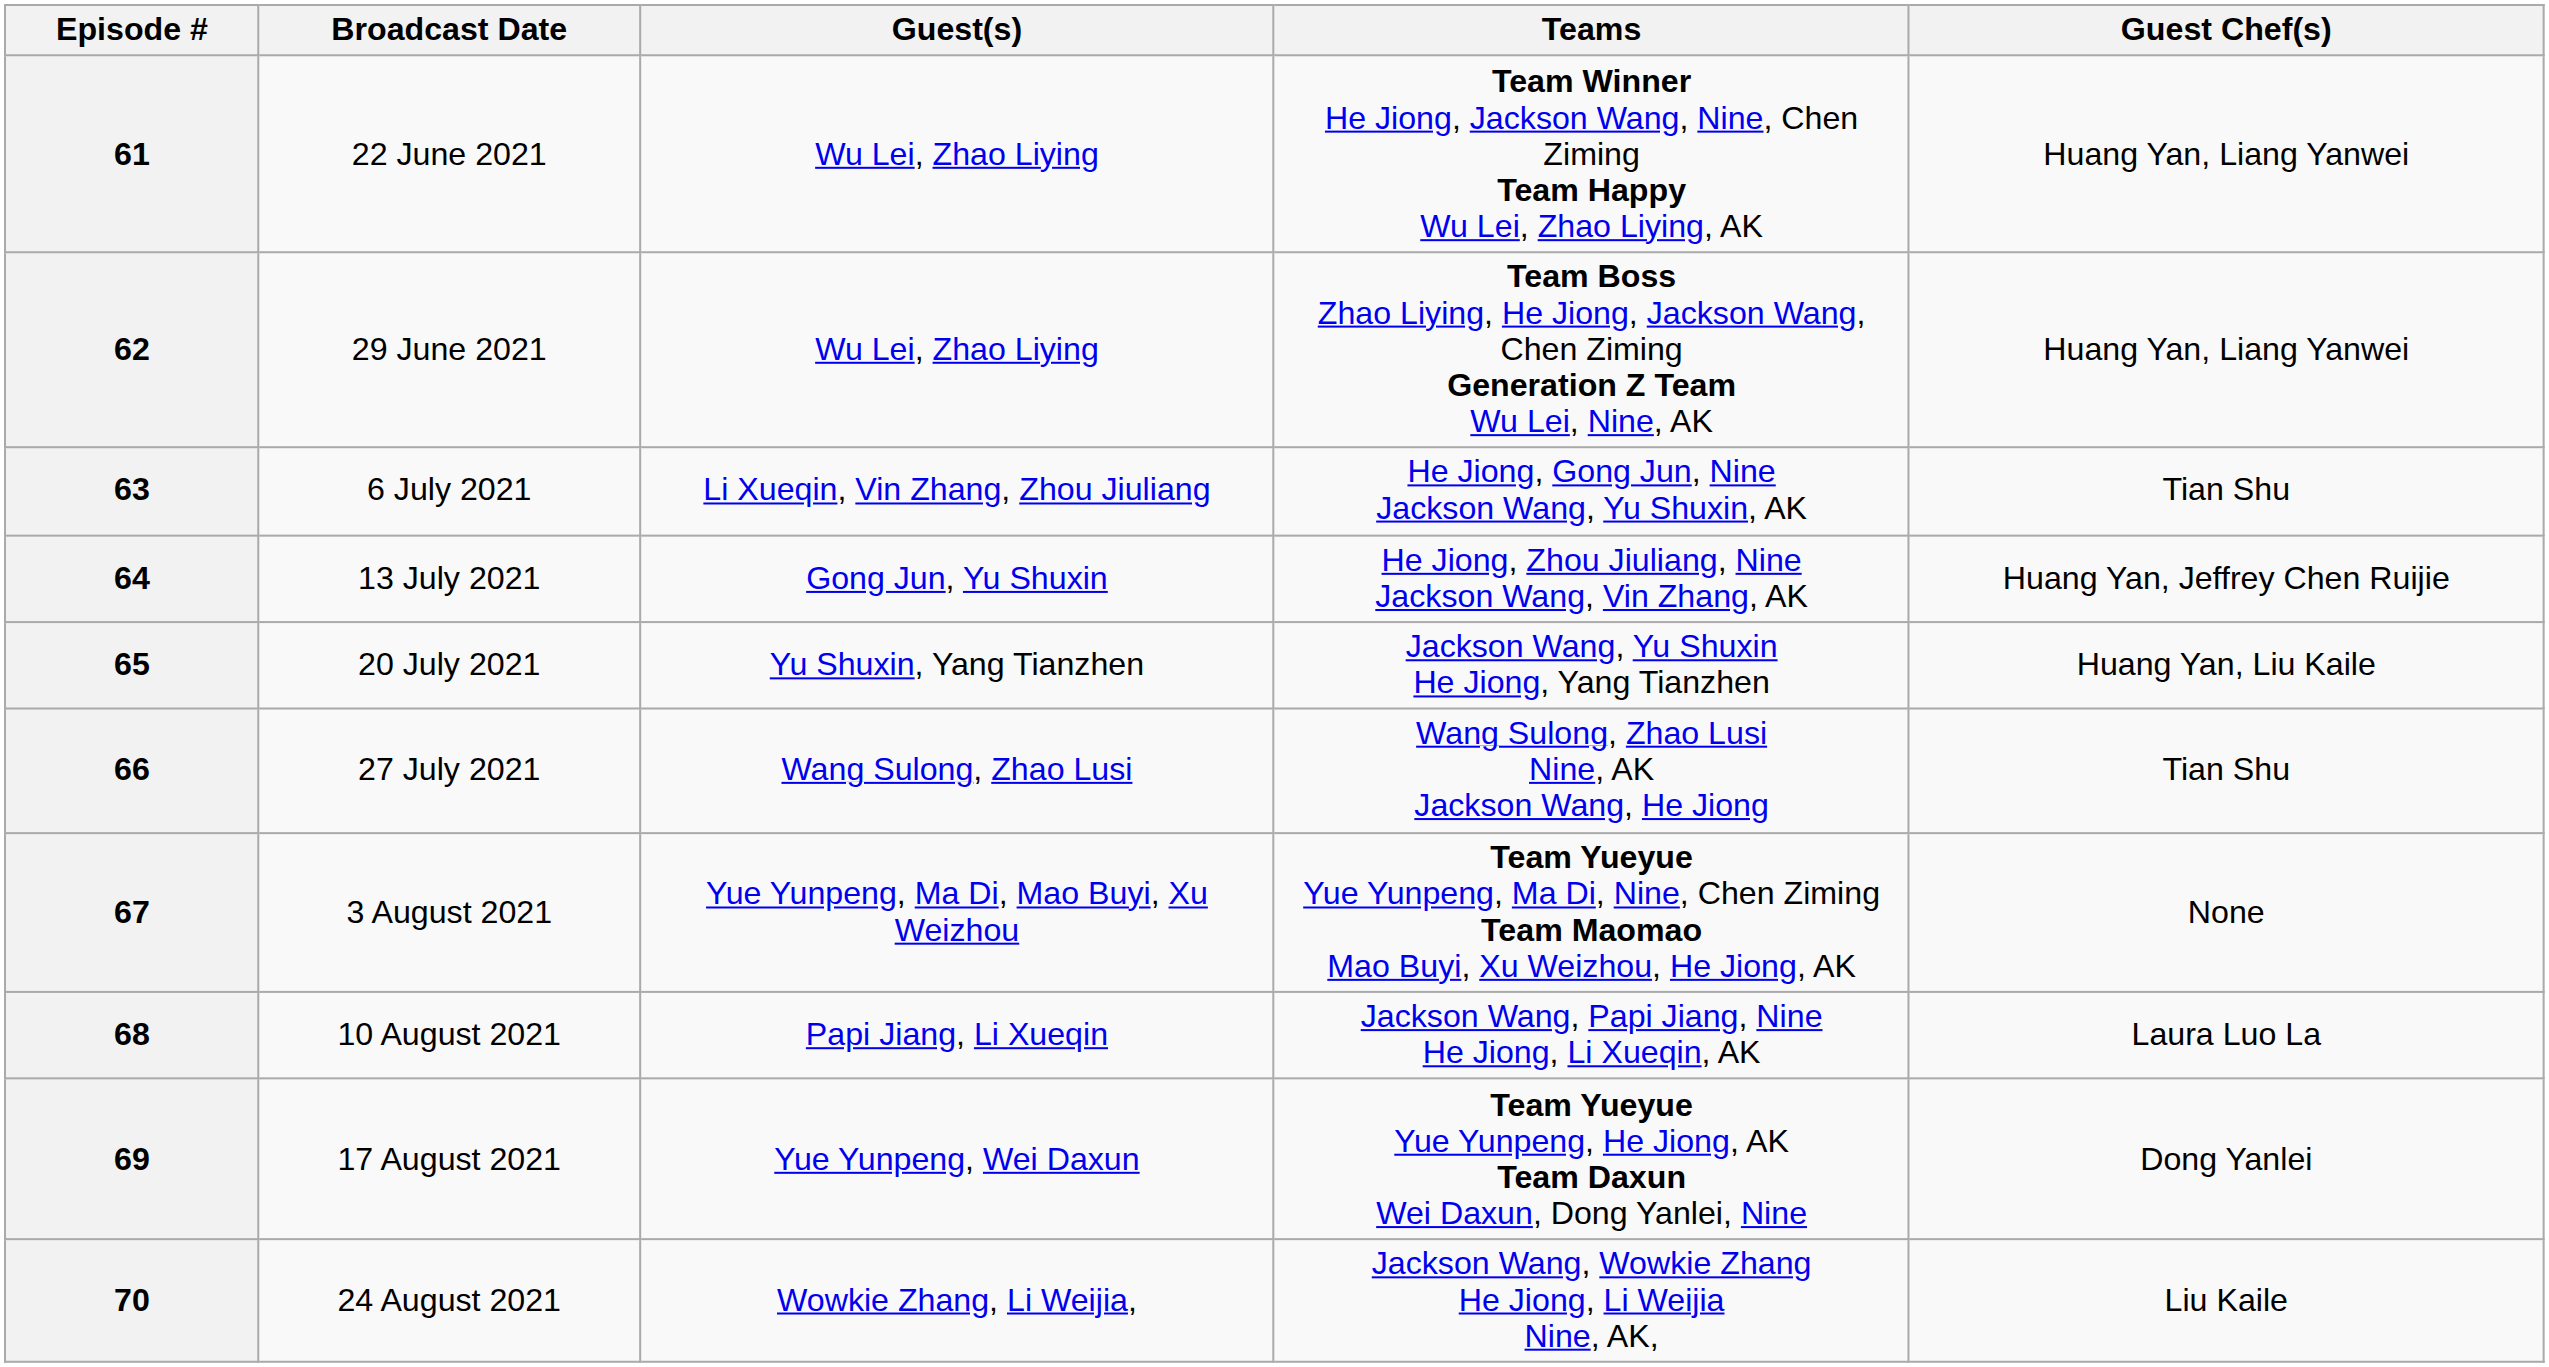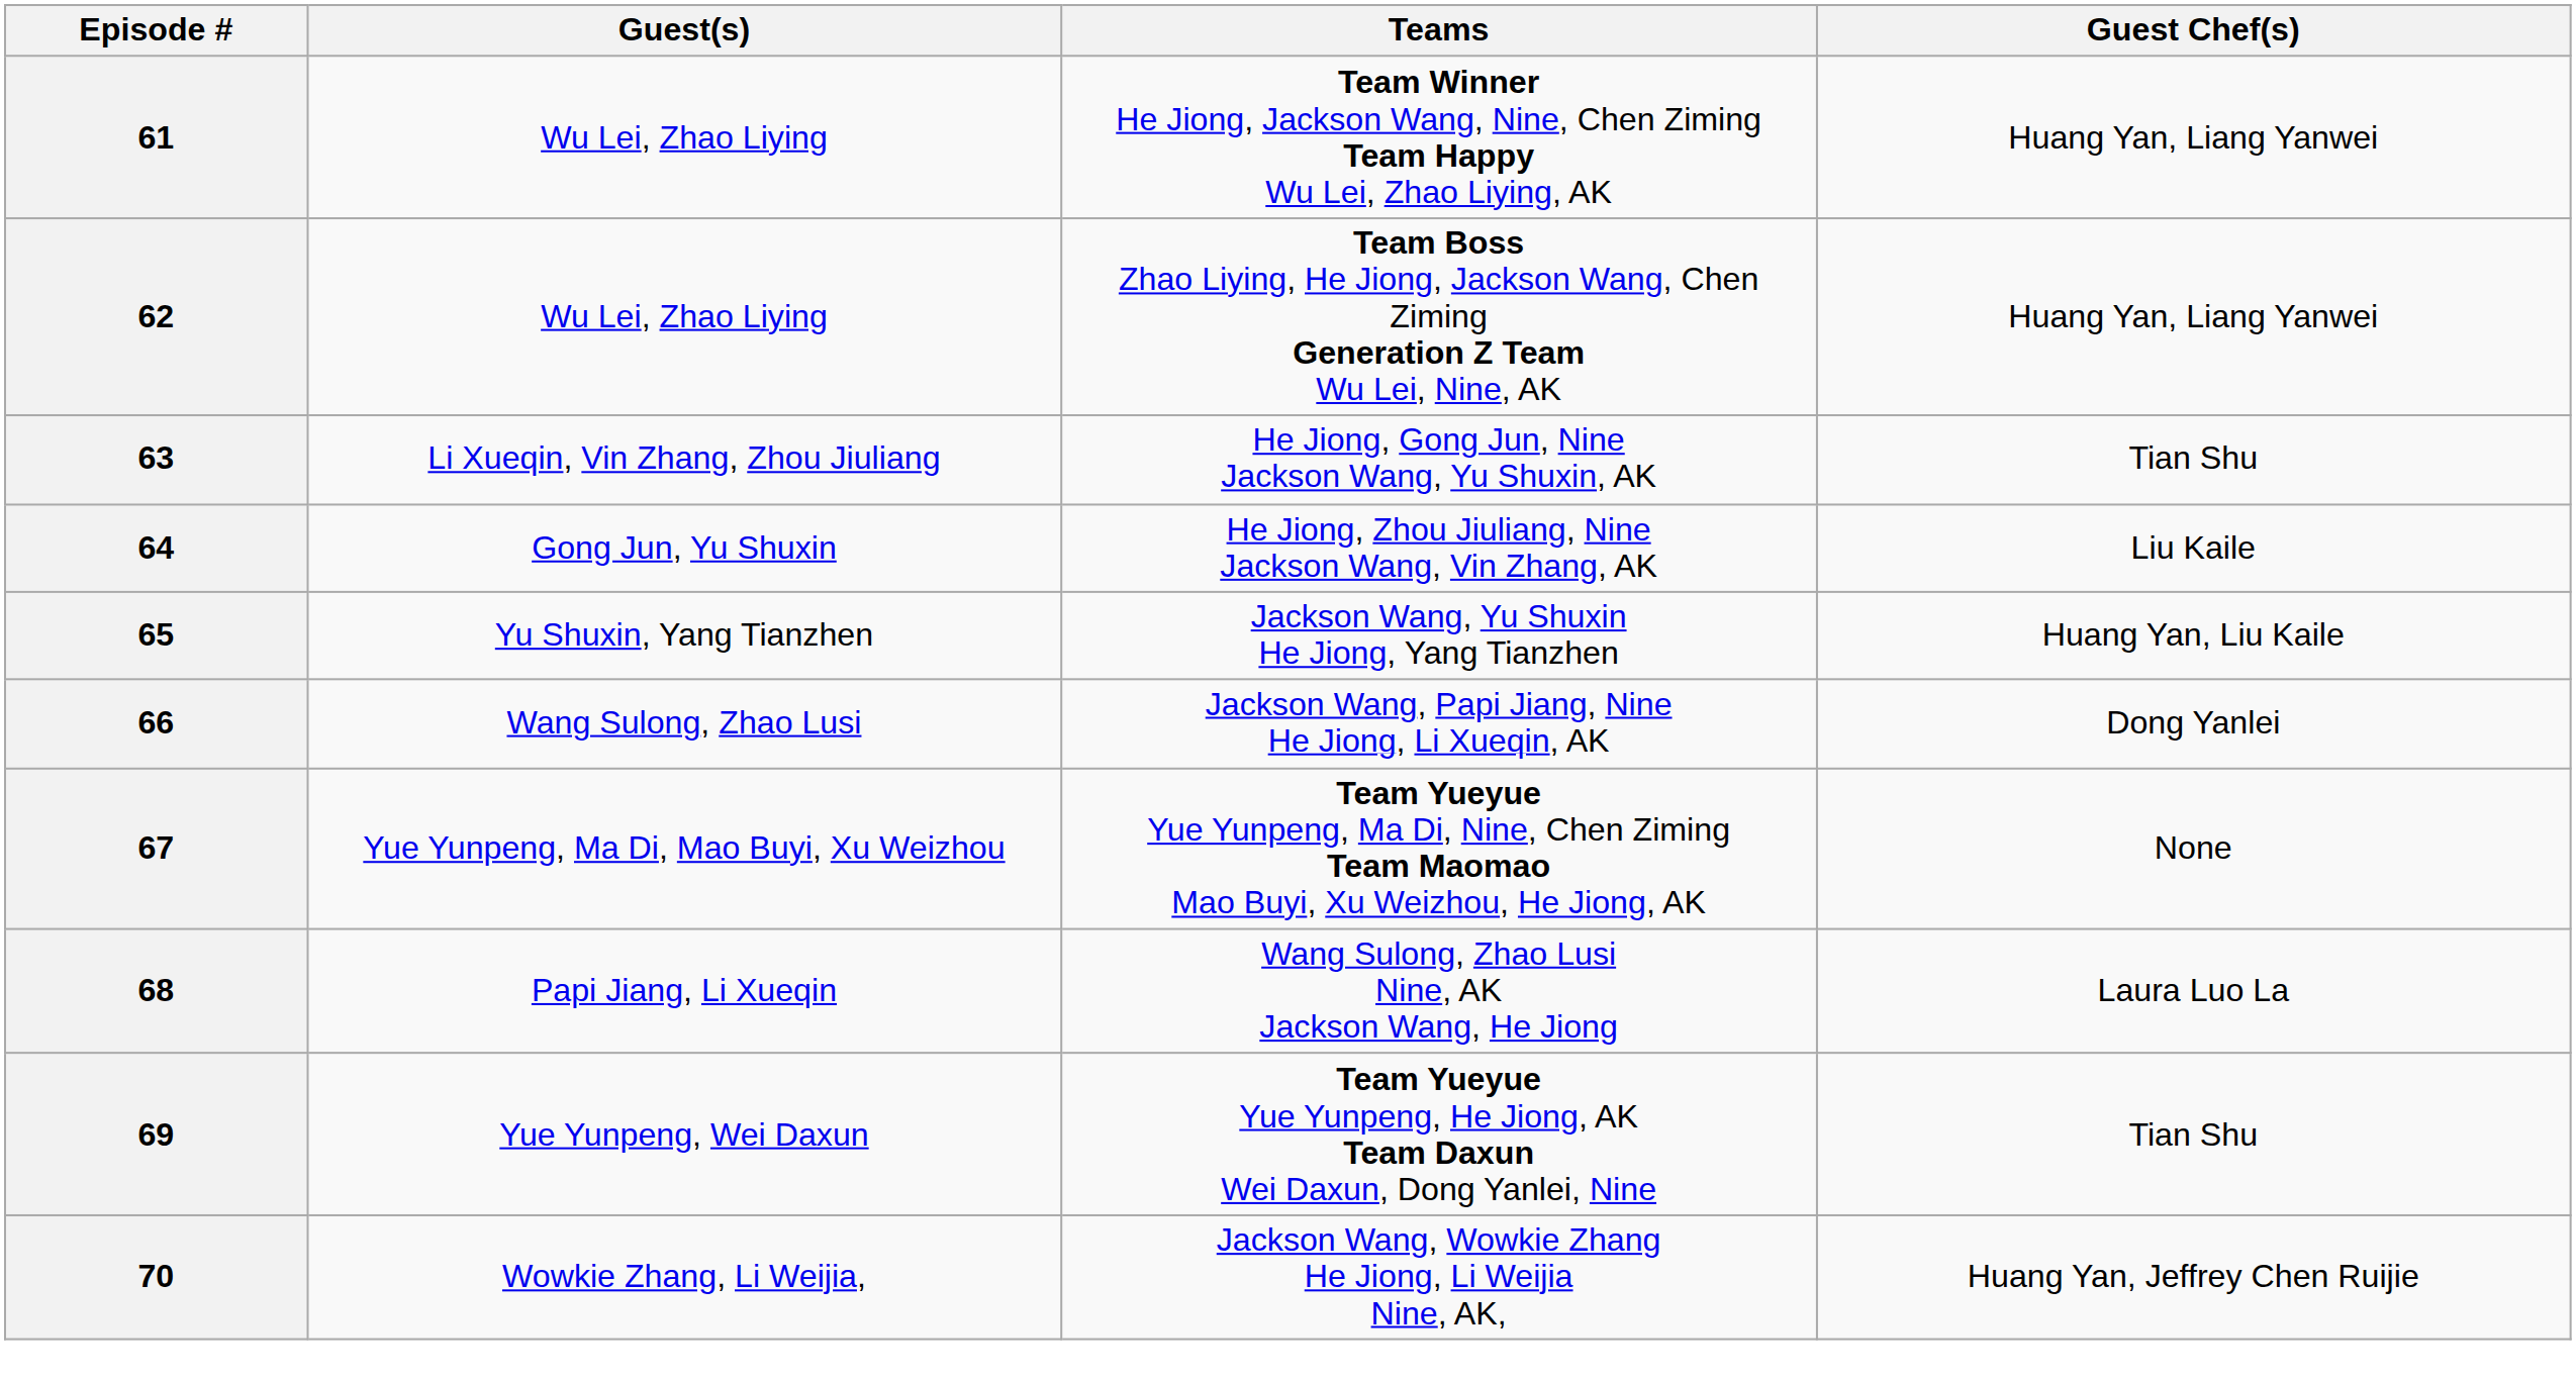 <table class="wikitable" style="text-align:center; width:100%">
 <tr>
 <th style="width:10%;”">Episode #</th>
-<th style="width:15%;”">Broadcast Date</th>
 <th style="width:25%;”">Guest(s)</th>
 <th style="width:25%;”">Teams</th>
 <th style="width:25%;”">Guest Chef(s)</th>
 </tr>
 <tr>
 <th>61</th>
-<td>22 June 2021</td>
 <td><a href='#'>Wu Lei</a>, <a href='#'>Zhao Liying</a></td>
 <td><strong>Team</strong> <strong>Winner</strong><br><a href='#'>He Jiong</a>, <a href='#'>Jackson Wang</a>, <a href='#'>Nine</a>, Chen Ziming<br><strong>Team Happy</strong><br><a href='#'>Wu Lei</a>, <a href='#'>Zhao Liying</a>, AK</td>
 <td>Huang Yan, Liang Yanwei</td>
 </tr>
 <tr>
 <th>62</th>
-<td>29 June 2021</td>
 <td><a href='#'>Wu Lei</a>, <a href='#'>Zhao Liying</a></td>
 <td><strong>Team Boss</strong><br><a href='#'>Zhao Liying</a>, <a href='#'>He Jiong</a>, <a href='#'>Jackson Wang</a>, Chen Ziming<br><strong>Generation Z Team</strong><br><a href='#'>Wu Lei</a>, <a href='#'>Nine</a>, AK</td>
 <td>Huang Yan, Liang Yanwei</td>
 </tr>
 <tr>
 <th>63</th>
-<td>6 July 2021</td>
 <td><a href='#'>Li Xueqin</a>, <a href='#'>Vin Zhang</a>, <a href='#'>Zhou Jiuliang</a></td>
 <td><a href='#'>He Jiong</a>, <a href='#'>Gong Jun</a>, <a href='#'>Nine</a><br><a href='#'>Jackson Wang</a>, <a href='#'>Yu Shuxin</a>, AK</td>
 <td>Tian Shu</td>
 </tr>
 <tr>
 <th>64</th>
-<td>13 July 2021</td>
 <td><a href='#'>Gong Jun</a>, <a href='#'>Yu Shuxin</a></td>
 <td><a href='#'>He Jiong</a>, <a href='#'>Zhou Jiuliang</a>, <a href='#'>Nine</a><br><a href='#'>Jackson Wang</a>, <a href='#'>Vin Zhang</a>, AK</td>
-<td>Huang Yan, Jeffrey Chen Ruijie</td>
+<td>Liu Kaile</td>
 </tr>
 <tr>
 <th>65</th>
-<td>20 July 2021</td>
 <td><a href='#'>Yu Shuxin</a>, Yang Tianzhen</td>
 <td><a href='#'>Jackson Wang</a>, <a href='#'>Yu Shuxin</a><br><a href='#'>He Jiong</a>, Yang Tianzhen</td>
 <td>Huang Yan, Liu Kaile</td>
 </tr>
 <tr>
 <th>66</th>
-<td>27 July 2021</td>
 <td><a href='#'>Wang Sulong</a>, <a href='#'>Zhao Lusi</a></td>
-<td><a href='#'>Wang Sulong</a>, <a href='#'>Zhao Lusi</a><br><a href='#'>Nine</a>, AK<br><a href='#'>Jackson Wang</a>, <a href='#'>He Jiong</a></td>
-<td>Tian Shu</td>
+<td><a href='#'>Jackson Wang</a>, <a href='#'>Papi Jiang</a>, <a href='#'>Nine</a><br><a href='#'>He Jiong</a>, <a href='#'>Li Xueqin</a>, AK</td>
+<td>Dong Yanlei</td>
 </tr>
 <tr>
 <th>67</th>
-<td>3 August 2021</td>
 <td><a href='#'>Yue Yunpeng</a>, <a href='#'>Ma Di</a>, <a href='#'>Mao Buyi</a>, <a href='#'>Xu Weizhou</a></td>
 <td><strong>Team Yueyue</strong><br><a href='#'>Yue Yunpeng</a>, <a href='#'>Ma Di</a>, <a href='#'>Nine</a>, Chen Ziming<br><strong>Team Maomao</strong><br><a href='#'>Mao Buyi</a>, <a href='#'>Xu Weizhou</a>, <a href='#'>He Jiong</a>, AK</td>
 <td>None</td>
 </tr>
 <tr>
 <th>68</th>
-<td>10 August 2021</td>
 <td><a href='#'>Papi Jiang</a>, <a href='#'>Li Xueqin</a></td>
-<td><a href='#'>Jackson Wang</a>, <a href='#'>Papi Jiang</a>, <a href='#'>Nine</a><br><a href='#'>He Jiong</a>, <a href='#'>Li Xueqin</a>, AK</td>
+<td><a href='#'>Wang Sulong</a>, <a href='#'>Zhao Lusi</a><br><a href='#'>Nine</a>, AK<br><a href='#'>Jackson Wang</a>, <a href='#'>He Jiong</a></td>
 <td>Laura Luo La</td>
 </tr>
 <tr>
 <th>69</th>
-<td>17 August 2021</td>
 <td><a href='#'>Yue Yunpeng</a>, <a href='#'>Wei Daxun</a></td>
 <td><strong>Team Yueyue</strong><br><a href='#'>Yue Yunpeng</a>, <a href='#'>He Jiong</a>, AK<br><strong>Team Daxun</strong><br><a href='#'>Wei Daxun</a>, Dong Yanlei, <a href='#'>Nine</a></td>
-<td>Dong Yanlei</td>
+<td>Tian Shu</td>
 </tr>
 <tr>
 <th>70</th>
-<td>24 August 2021</td>
 <td><a href='#'>Wowkie Zhang</a>, <a href='#'>Li Weijia</a>, </td>
 <td><a href='#'>Jackson Wang</a>, <a href='#'>Wowkie Zhang</a><br><a href='#'>He Jiong</a>, <a href='#'>Li Weijia</a><br><a href='#'>Nine</a>, AK, </td>
-<td>Liu Kaile</td>
+<td>Huang Yan, Jeffrey Chen Ruijie</td>
 </tr>
 </table>
